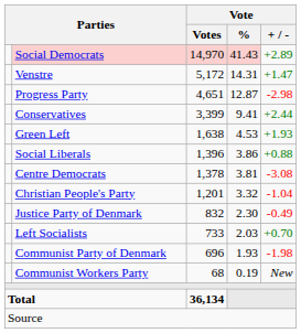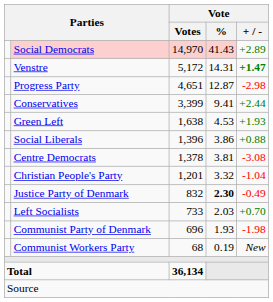 <table class="wikitable" style="text-align:right;">
 <tr>
 <th style="text-align:centre;" rowspan="2" colspan="2" width="225">Parties</th>
 <th colspan="3">Vote</th>
 </tr>
 <tr>
 <th width="15">Votes</th>
 <th width="15">%</th>
 <th width="15">+ / -</th>
 </tr>
 <tr>
 <td width="2" style="color:inherit;background:"></td>
 <td bgcolor=#fbd0ce  align="left"><a href='#'>Social Democrats</a></td>
 <td bgcolor=#fbd0ce>14,970</td>
 <td bgcolor=#fbd0ce>41.43</td>
 <td style=color:green;>+2.89</td>
 </tr>
 <tr>
 <td width="2" style="color:inherit;background:"></td>
 <td align="left"><a href='#'>Venstre</a></td>
 <td>5,172</td>
 <td>14.31</td>
-<td style=color:green;>+1.47</td>
+<td style=color:green;><strong>+1.47</strong></td>
 </tr>
 <tr>
 <td width="2" style="color:inherit;background:"></td>
 <td align="left"><a href='#'>Progress Party</a></td>
 <td>4,651</td>
 <td>12.87</td>
 <td style=color:red;>-2.98</td>
 </tr>
 <tr>
 <td width="2" style="color:inherit;background:"></td>
 <td align="left"><a href='#'>Conservatives</a></td>
 <td>3,399</td>
 <td>9.41</td>
 <td style=color:green;>+2.44</td>
 </tr>
 <tr>
 <td width="2" style="color:inherit;background:"></td>
 <td align="left"><a href='#'>Green Left</a></td>
 <td>1,638</td>
 <td>4.53</td>
 <td style=color:green;>+1.93</td>
 </tr>
 <tr>
 <td width="2" style="color:inherit;background:"></td>
 <td align="left"><a href='#'>Social Liberals</a></td>
 <td>1,396</td>
 <td>3.86</td>
 <td style=color:green;>+0.88</td>
 </tr>
 <tr>
 <td width="2" style="color:inherit;background:"></td>
 <td align="left"><a href='#'>Centre Democrats</a></td>
 <td>1,378</td>
 <td>3.81</td>
 <td style=color:red;>-3.08</td>
 </tr>
 <tr>
 <td width="2" style="color:inherit;background:"></td>
 <td align="left"><a href='#'>Christian People's Party</a></td>
 <td>1,201</td>
 <td>3.32</td>
 <td style=color:red;>-1.04</td>
 </tr>
 <tr>
 <td width="2" style="color:inherit;background:"></td>
 <td align="left"><a href='#'>Justice Party of Denmark</a></td>
 <td>832</td>
-<td>2.30</td>
+<td><strong>2.30</strong></td>
 <td style=color:red;>-0.49</td>
 </tr>
 <tr>
 <td width="2" style="color:inherit;background:"></td>
 <td align="left"><a href='#'>Left Socialists</a></td>
 <td>733</td>
 <td>2.03</td>
 <td style=color:green;>+0.70</td>
 </tr>
 <tr>
 <td width="2" style="color:inherit;background:"></td>
 <td align="left"><a href='#'>Communist Party of Denmark</a></td>
 <td>696</td>
 <td>1.93</td>
 <td style=color:red;>-1.98</td>
 </tr>
 <tr>
 <td width="2" style="color:inherit;background:"></td>
 <td align="left"><a href='#'>Communist Workers Party</a></td>
 <td>68</td>
 <td>0.19</td>
 <td><em>New</em></td>
 </tr>
 <tr>
 <td colspan="7" bgcolor="#E9E9E9"></td>
 </tr>
 <tr>
 <td align="left" colspan="2"><strong>Total</strong></td>
 <td><strong>36,134</strong></td>
 <td bgcolor="#E9E9E9" colspan="2"></td>
 </tr>
 <tr>
 <td align="left" colspan="6">Source</td>
 </tr>
 </table>
